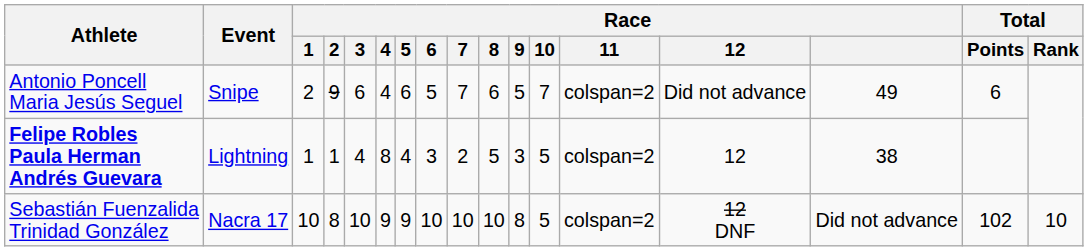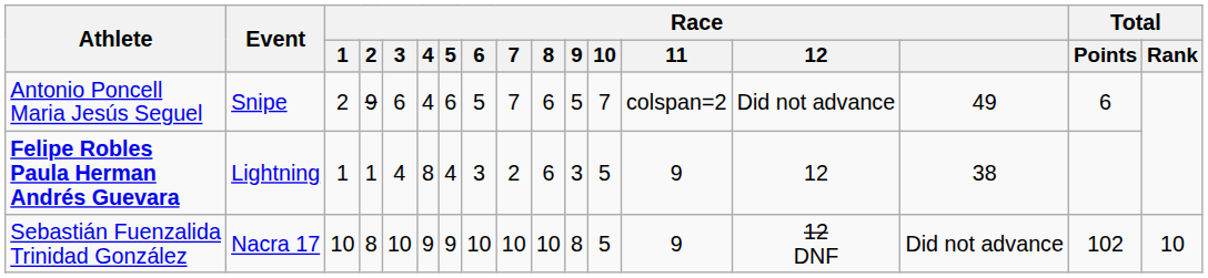 <table class=wikitable style=font-size:90%;text-align:center>
 <tr>
 <th rowspan=2>Athlete</th>
 <th rowspan=2>Event</th>
 <th colspan=13>Race</th>
 <th colspan=2>Total</th>
 </tr>
 <tr style=font-size:95%>
 <th>1</th>
 <th>2</th>
 <th>3</th>
 <th>4</th>
 <th>5</th>
 <th>6</th>
 <th>7</th>
 <th>8</th>
 <th>9</th>
 <th>10</th>
 <th>11</th>
 <th>12</th>
 <th></th>
 <th>Points</th>
 <th>Rank</th>
 </tr>
 <tr>
 <td align=left><a href='#'>Antonio Poncell</a><br><a href='#'>Maria Jesús Seguel</a></td>
 <td align=left><a href='#'>Snipe</a></td>
 <td>2</td>
 <td><s>9</s></td>
 <td>6</td>
 <td>4</td>
 <td>6</td>
 <td>5</td>
 <td>7</td>
 <td>6</td>
 <td>5</td>
 <td>7</td>
 <td>colspan=2 </td>
 <td>Did not advance</td>
 <td>49</td>
 <td>6</td>
 </tr>
 <tr>
 <td align=left><strong><a href='#'>Felipe Robles</a><br><a href='#'>Paula Herman</a><br><a href='#'>Andrés Guevara</a></strong></td>
 <td align=left><a href='#'>Lightning</a></td>
 <td>1</td>
 <td>1</td>
 <td>4</td>
 <td>8</td>
 <td>4</td>
 <td>3</td>
 <td>2</td>
-<td>5</td>
+<td>6</td>
 <td>3</td>
 <td>5</td>
-<td>colspan=2 </td>
+<td>9</td>
 <td>12<br></td>
 <td>38</td>
 <td></td>
 </tr>
 <tr>
 <td align=left><a href='#'>Sebastián Fuenzalida</a><br><a href='#'>Trinidad González</a></td>
 <td align=left><a href='#'>Nacra 17</a></td>
 <td>10</td>
 <td>8</td>
 <td>10</td>
 <td>9</td>
 <td>9</td>
 <td>10</td>
 <td>10</td>
 <td>10</td>
 <td>8</td>
 <td>5</td>
-<td>colspan=2 </td>
+<td>9</td>
 <td><s>12</s><br>DNF</td>
 <td>Did not advance</td>
 <td>102</td>
 <td>10</td>
 </tr>
 </table>
